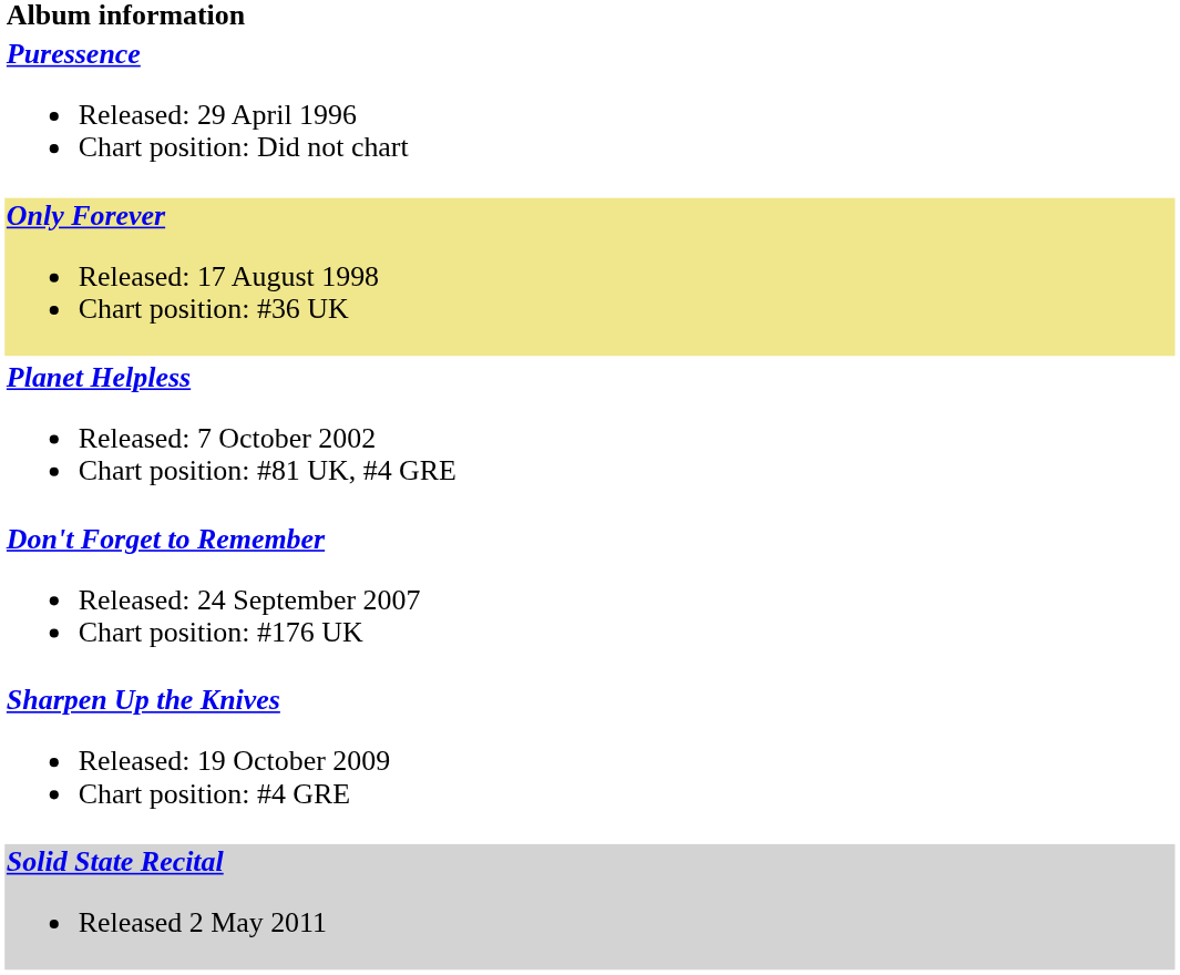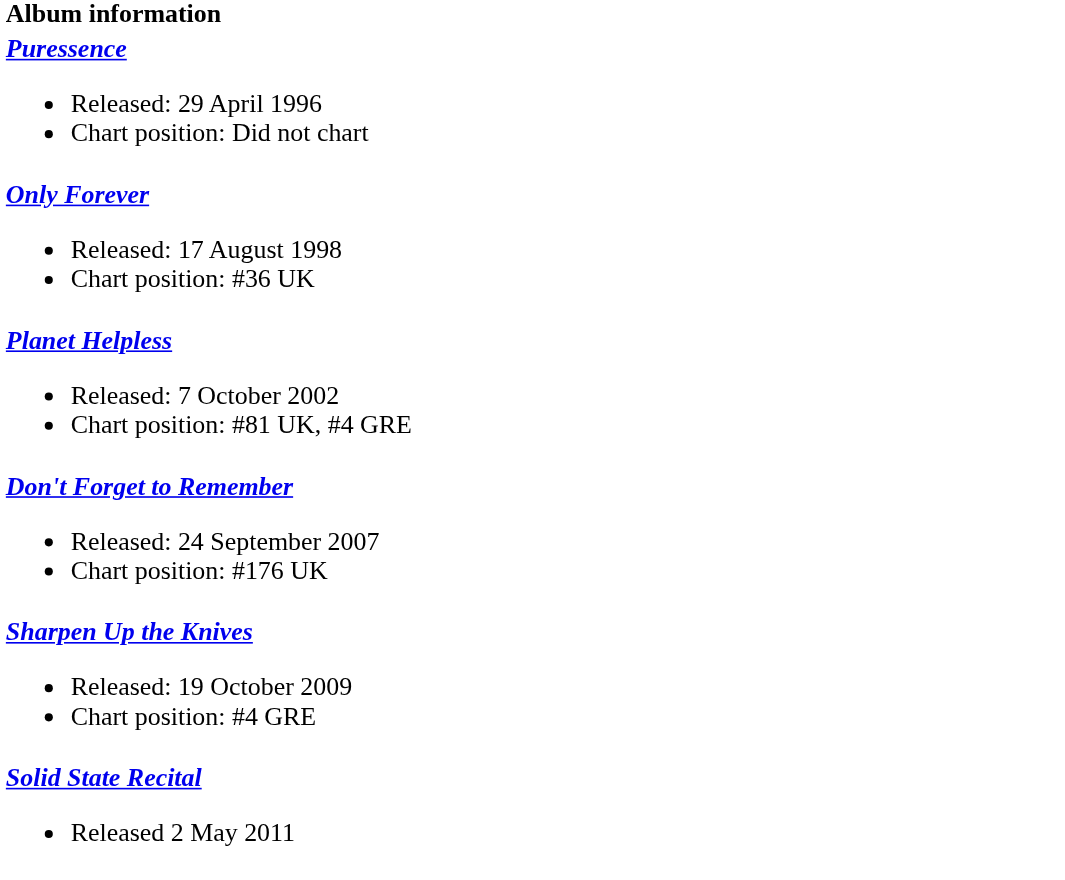 <table>
 <tr>
 <th align="left" width="650">Album information</th>
 </tr>
 <tr>
 <td align="left"><strong><em><a href='#'>Puressence</a></em></strong><br><ul><li>Released: 29 April 1996</li><li>Chart position: Did not chart</li></ul></td>
 </tr>
 <tr>
-<td align="left" style="background: khaki;"><strong><em><a href='#'>Only Forever</a></em></strong><br><ul><li>Released: 17 August 1998</li><li>Chart position: #36 UK</li></ul></td>
+<td align="left"><strong><em><a href='#'>Only Forever</a></em></strong><br><ul><li>Released: 17 August 1998</li><li>Chart position: #36 UK</li></ul></td>
 </tr>
 <tr>
 <td align="left"><strong><em><a href='#'>Planet Helpless</a></em></strong><br><ul><li>Released: 7 October 2002</li><li>Chart position: #81 UK, #4 GRE</li></ul></td>
 </tr>
 <tr>
 <td align="left"><strong><em><a href='#'>Don't Forget to Remember</a></em></strong><br><ul><li>Released: 24 September 2007</li><li>Chart position: #176 UK</li></ul></td>
 </tr>
 <tr>
 <td align="left"><strong><em><a href='#'>Sharpen Up the Knives</a></em></strong><br><ul><li>Released: 19 October 2009</li><li>Chart position: #4 GRE</li></ul></td>
 </tr>
 <tr>
-<td style="background: lightgrey;"><strong><em><a href='#'>Solid State Recital</a></em></strong><br><ul><li>Released 2 May 2011</li></ul></td>
+<td><strong><em><a href='#'>Solid State Recital</a></em></strong><br><ul><li>Released 2 May 2011</li></ul></td>
 </tr>
 </table>
